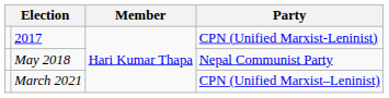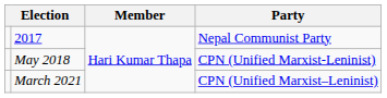 <table class="wikitable">
 <tr>
 <th colspan="2">Election</th>
 <th>Member</th>
 <th>Party</th>
 </tr>
 <tr>
 <td style="background-color:"></td>
 <td><a href='#'>2017</a></td>
 <td rowspan="3"><a href='#'>Hari Kumar Thapa</a></td>
-<td><a href='#'>CPN (Unified Marxist-Leninist)</a></td>
+<td><a href='#'>Nepal Communist Party</a></td>
 </tr>
 <tr>
 <td style="background-color:"></td>
 <td><em>May 2018</em></td>
-<td><a href='#'>Nepal Communist Party</a></td>
+<td><a href='#'>CPN (Unified Marxist-Leninist)</a></td>
 </tr>
 <tr>
 <td style="background-color:"></td>
 <td><em>March 2021</em></td>
 <td><a href='#'>CPN (Unified Marxist–Leninist)</a></td>
 </tr>
 </table>
